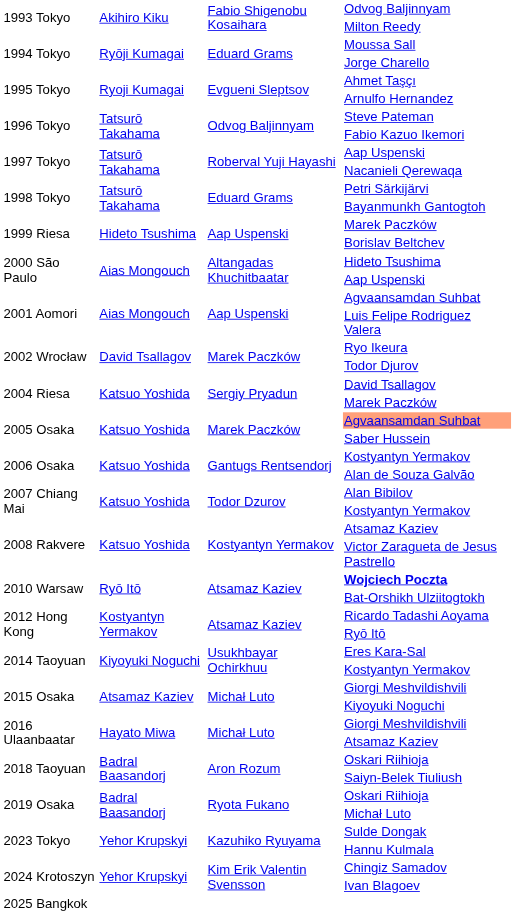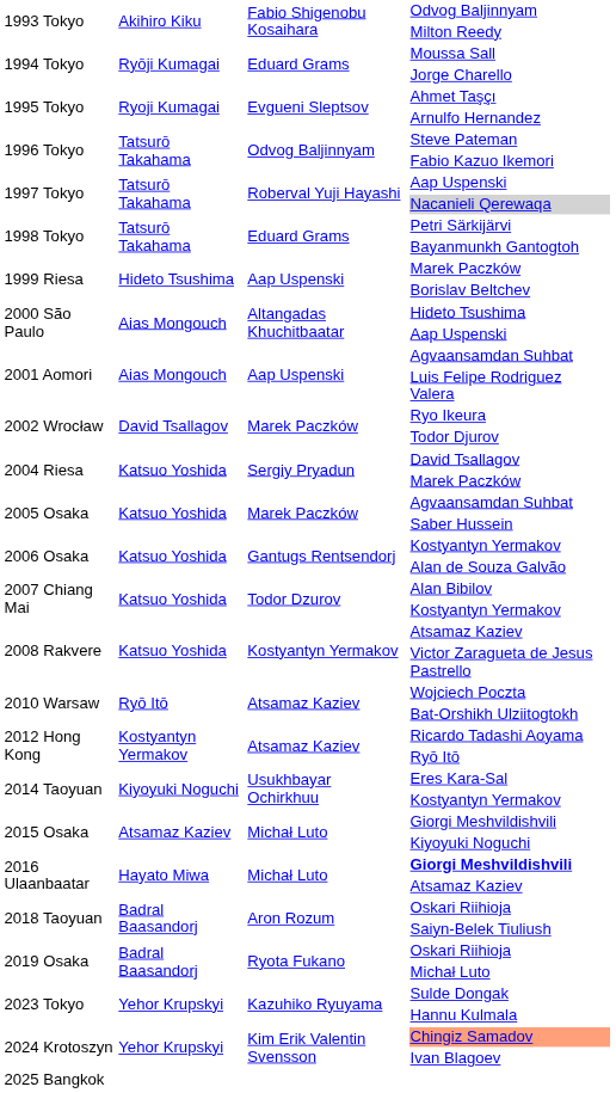 <table>
 <tr>
 <td rowspan=2>1993 Tokyo</td>
 <td rowspan=2> <a href='#'>Akihiro Kiku</a></td>
 <td rowspan=2> <a href='#'>Fabio Shigenobu Kosaihara</a></td>
 <td> <a href='#'>Odvog Baljinnyam</a></td>
 </tr>
 <tr>
 <td> <a href='#'>Milton Reedy</a></td>
 </tr>
 <tr>
 <td rowspan=2>1994 Tokyo</td>
 <td rowspan=2> <a href='#'>Ryōji Kumagai</a></td>
 <td rowspan=2> <a href='#'>Eduard Grams</a></td>
 <td> <a href='#'>Moussa Sall</a></td>
 </tr>
 <tr>
 <td> <a href='#'>Jorge Charello</a></td>
 </tr>
 <tr>
 <td rowspan=2>1995 Tokyo</td>
 <td rowspan=2> <a href='#'>Ryoji Kumagai</a></td>
 <td rowspan=2> <a href='#'>Evgueni Sleptsov</a></td>
 <td> <a href='#'>Ahmet Taşçı</a></td>
 </tr>
 <tr>
 <td> <a href='#'>Arnulfo Hernandez</a></td>
 </tr>
 <tr>
 <td rowspan=2>1996 Tokyo</td>
 <td rowspan=2> <a href='#'>Tatsurō Takahama</a></td>
 <td rowspan=2> <a href='#'>Odvog Baljinnyam</a></td>
 <td> <a href='#'>Steve Pateman</a></td>
 </tr>
 <tr>
 <td> <a href='#'>Fabio Kazuo Ikemori</a></td>
 </tr>
 <tr>
 <td rowspan=2>1997 Tokyo</td>
 <td rowspan=2> <a href='#'>Tatsurō Takahama</a></td>
 <td rowspan=2> <a href='#'>Roberval Yuji Hayashi</a></td>
 <td> <a href='#'>Aap Uspenski</a></td>
 </tr>
 <tr>
-<td> <a href='#'>Nacanieli Qerewaqa</a></td>
+<td style="background: lightgrey;"> <a href='#'>Nacanieli Qerewaqa</a></td>
 </tr>
 <tr>
 <td rowspan=2>1998 Tokyo</td>
 <td rowspan=2> <a href='#'>Tatsurō Takahama</a></td>
 <td rowspan=2> <a href='#'>Eduard Grams</a></td>
 <td> <a href='#'>Petri Särkijärvi</a></td>
 </tr>
 <tr>
 <td> <a href='#'>Bayanmunkh Gantogtoh</a></td>
 </tr>
 <tr>
 <td rowspan=2>1999 Riesa</td>
 <td rowspan=2> <a href='#'>Hideto Tsushima</a></td>
 <td rowspan=2> <a href='#'>Aap Uspenski</a></td>
 <td> <a href='#'>Marek Paczków</a></td>
 </tr>
 <tr>
 <td> <a href='#'>Borislav Beltchev</a></td>
 </tr>
 <tr>
 <td rowspan=2>2000 São Paulo</td>
 <td rowspan=2> <a href='#'>Aias Mongouch</a></td>
 <td rowspan=2> <a href='#'>Altangadas Khuchitbaatar</a></td>
 <td> <a href='#'>Hideto Tsushima</a></td>
 </tr>
 <tr>
 <td> <a href='#'>Aap Uspenski</a></td>
 </tr>
 <tr>
 <td rowspan=2>2001 Aomori</td>
 <td rowspan=2> <a href='#'>Aias Mongouch</a></td>
 <td rowspan=2> <a href='#'>Aap Uspenski</a></td>
 <td> <a href='#'>Agvaansamdan Suhbat</a></td>
 </tr>
 <tr>
 <td> <a href='#'>Luis Felipe Rodriguez Valera</a></td>
 </tr>
 <tr>
 <td rowspan=2>2002 Wrocław</td>
 <td rowspan=2> <a href='#'>David Tsallagov</a></td>
 <td rowspan=2> <a href='#'>Marek Paczków</a></td>
 <td> <a href='#'>Ryo Ikeura</a></td>
 </tr>
 <tr>
 <td> <a href='#'>Todor Djurov</a></td>
 </tr>
 <tr>
 <td rowspan=2>2004 Riesa</td>
 <td rowspan=2> <a href='#'>Katsuo Yoshida</a></td>
 <td rowspan=2> <a href='#'>Sergiy Pryadun</a></td>
 <td> <a href='#'>David Tsallagov</a></td>
 </tr>
 <tr>
 <td> <a href='#'>Marek Paczków</a></td>
 </tr>
 <tr>
 <td rowspan=2>2005 Osaka</td>
 <td rowspan=2> <a href='#'>Katsuo Yoshida</a></td>
 <td rowspan=2> <a href='#'>Marek Paczków</a></td>
-<td style="background: lightsalmon;"> <a href='#'>Agvaansamdan Suhbat</a></td>
+<td> <a href='#'>Agvaansamdan Suhbat</a></td>
 </tr>
 <tr>
 <td> <a href='#'>Saber Hussein</a></td>
 </tr>
 <tr>
 <td rowspan=2>2006 Osaka</td>
 <td rowspan=2> <a href='#'>Katsuo Yoshida</a></td>
 <td rowspan=2> <a href='#'>Gantugs Rentsendorj</a></td>
 <td> <a href='#'>Kostyantyn Yermakov</a></td>
 </tr>
 <tr>
 <td> <a href='#'>Alan de Souza Galvão</a></td>
 </tr>
 <tr>
 <td rowspan=2>2007 Chiang Mai</td>
 <td rowspan=2> <a href='#'>Katsuo Yoshida</a></td>
 <td rowspan=2> <a href='#'>Todor Dzurov</a></td>
 <td> <a href='#'>Alan Bibilov</a></td>
 </tr>
 <tr>
 <td> <a href='#'>Kostyantyn Yermakov</a></td>
 </tr>
 <tr>
 <td rowspan=2>2008 Rakvere</td>
 <td rowspan=2> <a href='#'>Katsuo Yoshida</a></td>
 <td rowspan=2> <a href='#'>Kostyantyn Yermakov</a></td>
 <td> <a href='#'>Atsamaz Kaziev</a></td>
 </tr>
 <tr>
 <td> <a href='#'>Victor Zaragueta de Jesus Pastrello</a></td>
 </tr>
 <tr>
 <td rowspan=2>2010 Warsaw</td>
 <td rowspan=2> <a href='#'>Ryō Itō</a></td>
 <td rowspan=2> <a href='#'>Atsamaz Kaziev</a></td>
-<td><strong> <a href='#'>Wojciech Poczta</a></strong></td>
+<td> <a href='#'>Wojciech Poczta</a></td>
 </tr>
 <tr>
 <td> <a href='#'>Bat-Orshikh Ulziitogtokh</a></td>
 </tr>
 <tr>
 <td rowspan=2>2012 Hong Kong</td>
 <td rowspan=2> <a href='#'>Kostyantyn Yermakov</a></td>
 <td rowspan=2> <a href='#'>Atsamaz Kaziev</a></td>
 <td> <a href='#'>Ricardo Tadashi Aoyama</a></td>
 </tr>
 <tr>
 <td> <a href='#'>Ryō Itō</a></td>
 </tr>
 <tr>
 <td rowspan=2>2014 Taoyuan</td>
 <td rowspan=2> <a href='#'>Kiyoyuki Noguchi</a></td>
 <td rowspan=2> <a href='#'>Usukhbayar Ochirkhuu</a></td>
 <td> <a href='#'>Eres Kara-Sal</a></td>
 </tr>
 <tr>
 <td> <a href='#'>Kostyantyn Yermakov</a></td>
 </tr>
 <tr>
 <td rowspan=2>2015 Osaka</td>
 <td rowspan=2> <a href='#'>Atsamaz Kaziev</a></td>
 <td rowspan=2> <a href='#'>Michał Luto</a></td>
 <td> <a href='#'>Giorgi Meshvildishvili</a></td>
 </tr>
 <tr>
 <td> <a href='#'>Kiyoyuki Noguchi</a></td>
 </tr>
 <tr>
 <td rowspan=2>2016 Ulaanbaatar</td>
 <td rowspan=2> <a href='#'>Hayato Miwa</a></td>
 <td rowspan=2> <a href='#'>Michał Luto</a></td>
-<td> <a href='#'>Giorgi Meshvildishvili</a></td>
+<td><strong> <a href='#'>Giorgi Meshvildishvili</a></strong></td>
 </tr>
 <tr>
 <td> <a href='#'>Atsamaz Kaziev</a></td>
 </tr>
 <tr>
 <td rowspan=2>2018 Taoyuan</td>
 <td rowspan=2> <a href='#'>Badral Baasandorj</a></td>
 <td rowspan=2> <a href='#'>Aron Rozum</a></td>
 <td> <a href='#'>Oskari Riihioja</a></td>
 </tr>
 <tr>
 <td> <a href='#'>Saiyn-Belek Tiuliush</a></td>
 </tr>
 <tr>
 <td rowspan=2>2019 Osaka</td>
 <td rowspan=2> <a href='#'>Badral Baasandorj</a></td>
 <td rowspan=2> <a href='#'>Ryota Fukano</a></td>
 <td> <a href='#'>Oskari Riihioja</a></td>
 </tr>
 <tr>
 <td> <a href='#'>Michał Luto</a></td>
 </tr>
 <tr>
 <td rowspan=2>2023 Tokyo</td>
 <td rowspan=2> <a href='#'>Yehor Krupskyi</a></td>
 <td rowspan=2> <a href='#'>Kazuhiko Ryuyama</a></td>
 <td> <a href='#'>Sulde Dongak</a></td>
 </tr>
 <tr>
 <td> <a href='#'>Hannu Kulmala</a></td>
 </tr>
 <tr>
 <td rowspan=2>2024 Krotoszyn</td>
 <td rowspan=2> <a href='#'>Yehor Krupskyi</a></td>
 <td rowspan=2> <a href='#'>Kim Erik Valentin Svensson</a></td>
-<td> <a href='#'>Chingiz Samadov</a></td>
+<td style="background: lightsalmon;"> <a href='#'>Chingiz Samadov</a></td>
 </tr>
 <tr>
 <td> <a href='#'>Ivan Blagoev</a></td>
 </tr>
 <tr>
 <td rowspan=2>2025 Bangkok</td>
 <td rowspan=2></td>
 <td rowspan=2></td>
 <td></td>
 </tr>
 <tr>
 <td></td>
 </tr>
 </table>
